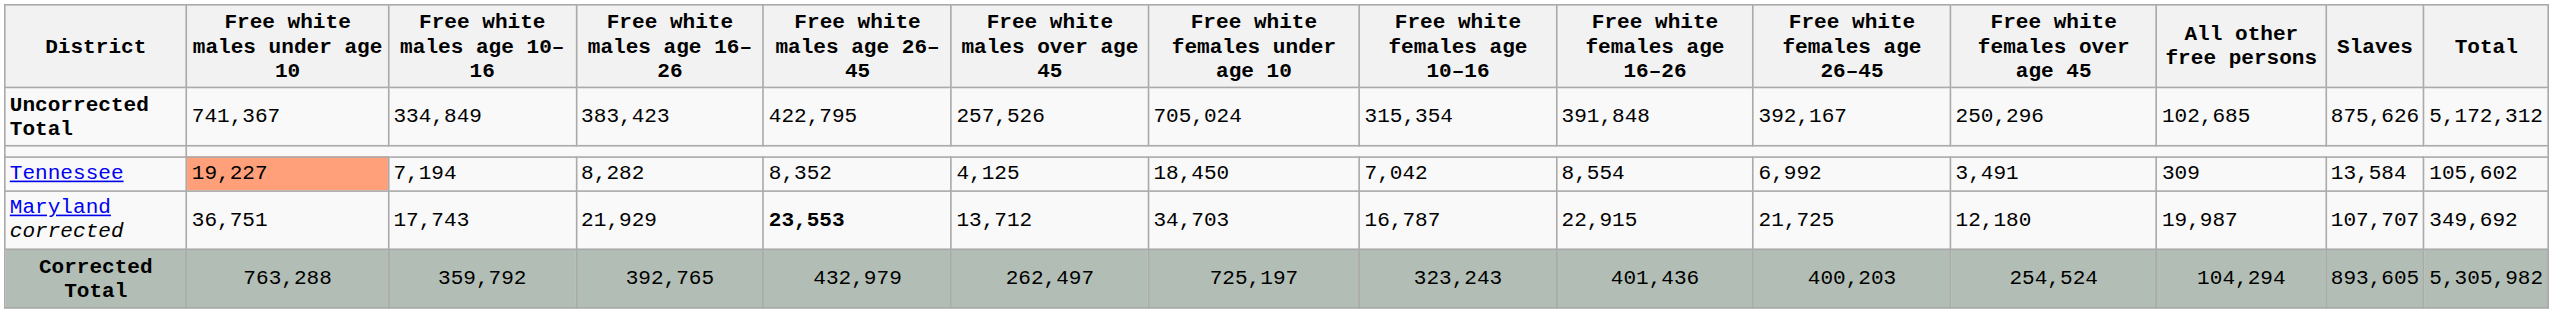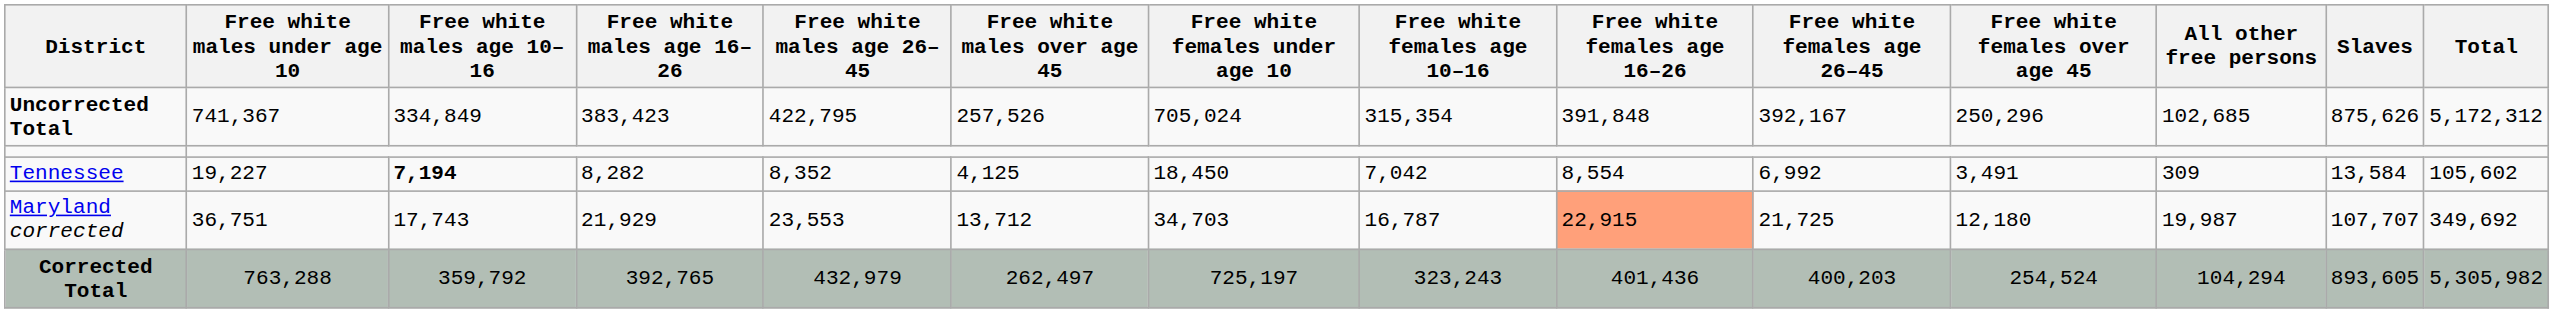 <table class="wikitable">
 <tr>
 <th>District</th>
 <th>Free white males under age 10</th>
 <th>Free white males age 10–16</th>
 <th>Free white males age 16–26</th>
 <th>Free white males age 26–45</th>
 <th>Free white males over age 45</th>
 <th>Free white females under age 10</th>
 <th>Free white females age 10–16</th>
 <th>Free white females age 16–26</th>
 <th>Free white females age 26–45</th>
 <th>Free white females over age 45</th>
 <th>All other free persons</th>
 <th>Slaves</th>
 <th>Total</th>
 </tr>
 <tr>
 <td><strong>Uncorrected Total</strong></td>
 <td>741,367</td>
 <td>334,849</td>
 <td>383,423</td>
 <td>422,795</td>
 <td>257,526</td>
 <td>705,024</td>
 <td>315,354</td>
 <td>391,848</td>
 <td>392,167</td>
 <td>250,296</td>
 <td>102,685</td>
 <td>875,626</td>
 <td>5,172,312</td>
 </tr>
 <tr>
 <td></td>
 </tr>
 <tr>
 <td><a href='#'>Tennessee</a></td>
-<td style="background: lightsalmon;">19,227</td>
-<td>7,194</td>
+<td>19,227</td>
+<td><strong>7,194</strong></td>
 <td>8,282</td>
 <td>8,352</td>
 <td>4,125</td>
 <td>18,450</td>
 <td>7,042</td>
 <td>8,554</td>
 <td>6,992</td>
 <td>3,491</td>
 <td>309</td>
 <td>13,584</td>
 <td>105,602</td>
 </tr>
 <tr>
 <td><a href='#'>Maryland</a> <em>corrected</em></td>
 <td>36,751</td>
 <td>17,743</td>
 <td>21,929</td>
-<td><strong>23,553</strong></td>
+<td>23,553</td>
 <td>13,712</td>
 <td>34,703</td>
 <td>16,787</td>
-<td>22,915</td>
+<td style="background: lightsalmon;">22,915</td>
 <td>21,725</td>
 <td>12,180</td>
 <td>19,987</td>
 <td>107,707</td>
 <td>349,692</td>
 </tr>
 <tr align=center style="background:#B2BEB5;" class="sortbottom">
 <td><strong>Corrected Total</strong></td>
 <td>763,288</td>
 <td>359,792</td>
 <td>392,765</td>
 <td>432,979</td>
 <td>262,497</td>
 <td>725,197</td>
 <td>323,243</td>
 <td>401,436</td>
 <td>400,203</td>
 <td>254,524</td>
 <td>104,294</td>
 <td>893,605</td>
 <td>5,305,982</td>
 </tr>
 </table>
